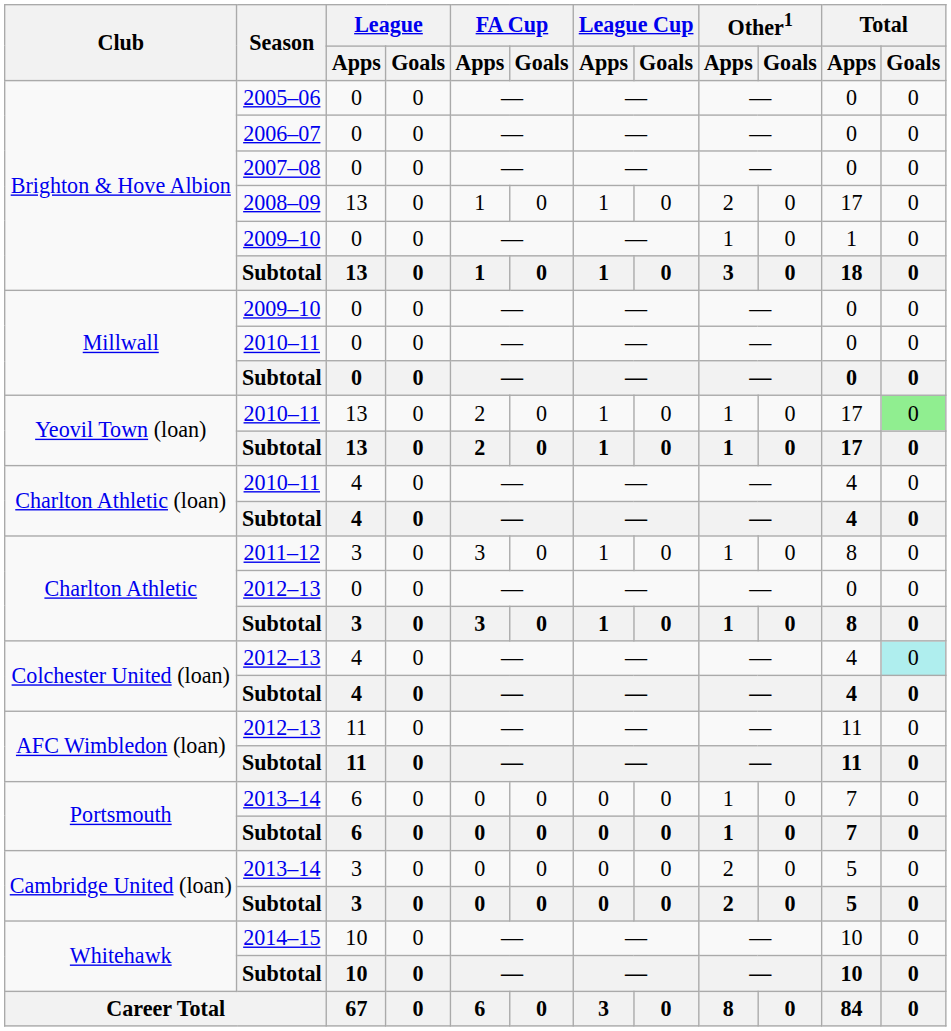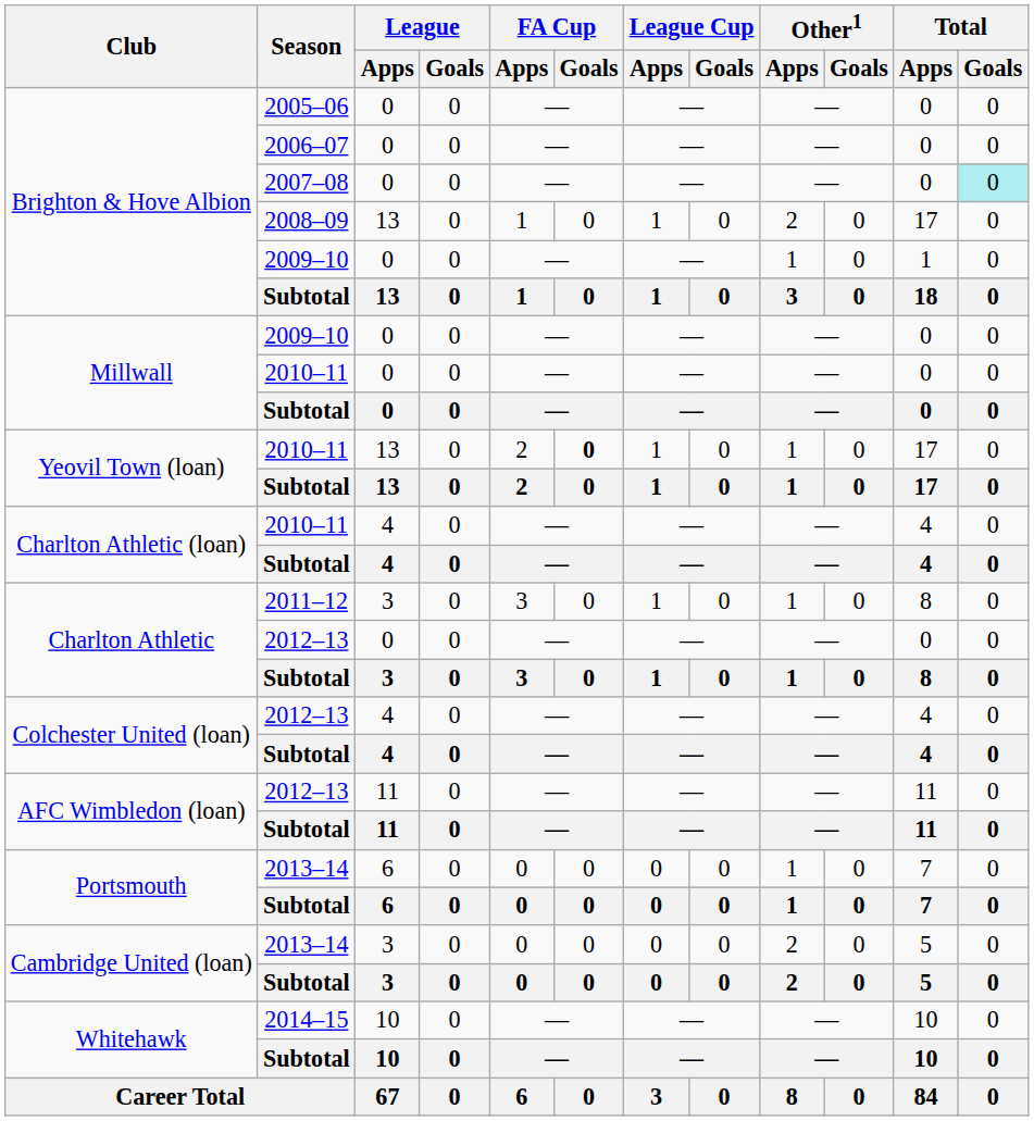 <table class="wikitable" style="text-align: center;">
 <tr>
 <th rowspan="2">Club</th>
 <th rowspan="2">Season</th>
 <th colspan="2"><a href='#'>League</a></th>
 <th colspan="2"><a href='#'>FA Cup</a></th>
 <th colspan="2"><a href='#'>League Cup</a></th>
 <th colspan="2">Other<sup>1</sup></th>
 <th colspan="2">Total</th>
 </tr>
 <tr>
 <th>Apps</th>
 <th>Goals</th>
 <th>Apps</th>
 <th>Goals</th>
 <th>Apps</th>
 <th>Goals</th>
 <th>Apps</th>
 <th>Goals</th>
 <th>Apps</th>
 <th>Goals</th>
 </tr>
 <tr>
 <td rowspan="6" valign="center"><a href='#'>Brighton & Hove Albion</a></td>
 <td><a href='#'>2005–06</a></td>
 <td>0</td>
 <td>0</td>
 <td colspan="2">—</td>
 <td colspan="2">—</td>
 <td colspan="2">—</td>
 <td>0</td>
 <td>0</td>
 </tr>
 <tr>
 <td><a href='#'>2006–07</a></td>
 <td>0</td>
 <td>0</td>
 <td colspan="2">—</td>
 <td colspan="2">—</td>
 <td colspan="2">—</td>
 <td>0</td>
 <td>0</td>
 </tr>
 <tr>
 <td><a href='#'>2007–08</a></td>
 <td>0</td>
 <td>0</td>
 <td colspan="2">—</td>
 <td colspan="2">—</td>
 <td colspan="2">—</td>
 <td>0</td>
-<td>0</td>
+<td style="background: paleturquoise;">0</td>
 </tr>
 <tr>
 <td><a href='#'>2008–09</a></td>
 <td>13</td>
 <td>0</td>
 <td>1</td>
 <td>0</td>
 <td>1</td>
 <td>0</td>
 <td>2</td>
 <td>0</td>
 <td>17</td>
 <td>0</td>
 </tr>
 <tr>
 <td><a href='#'>2009–10</a></td>
 <td>0</td>
 <td>0</td>
 <td colspan="2">—</td>
 <td colspan="2">—</td>
 <td>1</td>
 <td>0</td>
 <td>1</td>
 <td>0</td>
 </tr>
 <tr>
 <th><strong>Subtotal</strong></th>
 <th>13</th>
 <th>0</th>
 <th>1</th>
 <th>0</th>
 <th>1</th>
 <th>0</th>
 <th>3</th>
 <th>0</th>
 <th>18</th>
 <th>0</th>
 </tr>
 <tr>
 <td rowspan="3" valign="center"><a href='#'>Millwall</a></td>
 <td><a href='#'>2009–10</a></td>
 <td>0</td>
 <td>0</td>
 <td colspan="2">—</td>
 <td colspan="2">—</td>
 <td colspan="2">—</td>
 <td>0</td>
 <td>0</td>
 </tr>
 <tr>
 <td><a href='#'>2010–11</a></td>
 <td>0</td>
 <td>0</td>
 <td colspan="2">—</td>
 <td colspan="2">—</td>
 <td colspan="2">—</td>
 <td>0</td>
 <td>0</td>
 </tr>
 <tr>
 <th><strong>Subtotal</strong></th>
 <th>0</th>
 <th>0</th>
 <th colspan="2">—</th>
 <th colspan="2">—</th>
 <th colspan="2">—</th>
 <th>0</th>
 <th>0</th>
 </tr>
 <tr>
 <td rowspan="2" valign="center"><a href='#'>Yeovil Town</a> (loan)</td>
 <td><a href='#'>2010–11</a></td>
 <td>13</td>
 <td>0</td>
 <td>2</td>
-<td>0</td>
+<td><strong>0</strong></td>
 <td>1</td>
 <td>0</td>
 <td>1</td>
 <td>0</td>
 <td>17</td>
-<td style="background: lightgreen;">0</td>
+<td>0</td>
 </tr>
 <tr>
 <th><strong>Subtotal</strong></th>
 <th>13</th>
 <th>0</th>
 <th>2</th>
 <th>0</th>
 <th>1</th>
 <th>0</th>
 <th>1</th>
 <th>0</th>
 <th>17</th>
 <th>0</th>
 </tr>
 <tr>
 <td rowspan="2" valign="center"><a href='#'>Charlton Athletic</a> (loan)</td>
 <td><a href='#'>2010–11</a></td>
 <td>4</td>
 <td>0</td>
 <td colspan="2">—</td>
 <td colspan="2">—</td>
 <td colspan="2">—</td>
 <td>4</td>
 <td>0</td>
 </tr>
 <tr>
 <th><strong>Subtotal</strong></th>
 <th>4</th>
 <th>0</th>
 <th colspan="2">—</th>
 <th colspan="2">—</th>
 <th colspan="2">—</th>
 <th>4</th>
 <th>0</th>
 </tr>
 <tr>
 <td rowspan="3" valign="center"><a href='#'>Charlton Athletic</a></td>
 <td><a href='#'>2011–12</a></td>
 <td>3</td>
 <td>0</td>
 <td>3</td>
 <td>0</td>
 <td>1</td>
 <td>0</td>
 <td>1</td>
 <td>0</td>
 <td>8</td>
 <td>0</td>
 </tr>
 <tr>
 <td><a href='#'>2012–13</a></td>
 <td>0</td>
 <td>0</td>
 <td colspan="2">—</td>
 <td colspan="2">—</td>
 <td colspan="2">—</td>
 <td>0</td>
 <td>0</td>
 </tr>
 <tr>
 <th><strong>Subtotal</strong></th>
 <th>3</th>
 <th>0</th>
 <th>3</th>
 <th>0</th>
 <th>1</th>
 <th>0</th>
 <th>1</th>
 <th>0</th>
 <th>8</th>
 <th>0</th>
 </tr>
 <tr>
 <td rowspan="2" valign="center"><a href='#'>Colchester United</a> (loan)</td>
 <td><a href='#'>2012–13</a></td>
 <td>4</td>
 <td>0</td>
 <td colspan="2">—</td>
 <td colspan="2">—</td>
 <td colspan="2">—</td>
 <td>4</td>
-<td style="background: paleturquoise;">0</td>
+<td>0</td>
 </tr>
 <tr>
 <th><strong>Subtotal</strong></th>
 <th>4</th>
 <th>0</th>
 <th colspan="2">—</th>
 <th colspan="2">—</th>
 <th colspan="2">—</th>
 <th>4</th>
 <th>0</th>
 </tr>
 <tr>
 <td rowspan="2" valign="center"><a href='#'>AFC Wimbledon</a> (loan)</td>
 <td><a href='#'>2012–13</a></td>
 <td>11</td>
 <td>0</td>
 <td colspan="2">—</td>
 <td colspan="2">—</td>
 <td colspan="2">—</td>
 <td>11</td>
 <td>0</td>
 </tr>
 <tr>
 <th><strong>Subtotal</strong></th>
 <th>11</th>
 <th>0</th>
 <th colspan="2">—</th>
 <th colspan="2">—</th>
 <th colspan="2">—</th>
 <th>11</th>
 <th>0</th>
 </tr>
 <tr>
 <td rowspan="2" valign="center"><a href='#'>Portsmouth</a></td>
 <td><a href='#'>2013–14</a></td>
 <td>6</td>
 <td>0</td>
 <td>0</td>
 <td>0</td>
 <td>0</td>
 <td>0</td>
 <td>1</td>
 <td>0</td>
 <td>7</td>
 <td>0</td>
 </tr>
 <tr>
 <th><strong>Subtotal</strong></th>
 <th>6</th>
 <th>0</th>
 <th>0</th>
 <th>0</th>
 <th>0</th>
 <th>0</th>
 <th>1</th>
 <th>0</th>
 <th>7</th>
 <th>0</th>
 </tr>
 <tr>
 <td rowspan="2" valign="center"><a href='#'>Cambridge United</a> (loan)</td>
 <td><a href='#'>2013–14</a></td>
 <td>3</td>
 <td>0</td>
 <td>0</td>
 <td>0</td>
 <td>0</td>
 <td>0</td>
 <td>2</td>
 <td>0</td>
 <td>5</td>
 <td>0</td>
 </tr>
 <tr>
 <th><strong>Subtotal</strong></th>
 <th>3</th>
 <th>0</th>
 <th>0</th>
 <th>0</th>
 <th>0</th>
 <th>0</th>
 <th>2</th>
 <th>0</th>
 <th>5</th>
 <th>0</th>
 </tr>
 <tr>
 <td rowspan="2" valign="center"><a href='#'>Whitehawk</a></td>
 <td><a href='#'>2014–15</a></td>
 <td>10</td>
 <td>0</td>
 <td colspan="2">—</td>
 <td colspan="2">—</td>
 <td colspan="2">—</td>
 <td>10</td>
 <td>0</td>
 </tr>
 <tr>
 <th><strong>Subtotal</strong></th>
 <th>10</th>
 <th>0</th>
 <th colspan="2">—</th>
 <th colspan="2">—</th>
 <th colspan="2">—</th>
 <th>10</th>
 <th>0</th>
 </tr>
 <tr>
 <th colspan="2"><strong>Career Total</strong></th>
 <th>67</th>
 <th>0</th>
 <th>6</th>
 <th>0</th>
 <th>3</th>
 <th>0</th>
 <th>8</th>
 <th>0</th>
 <th>84</th>
 <th>0</th>
 </tr>
 </table>
